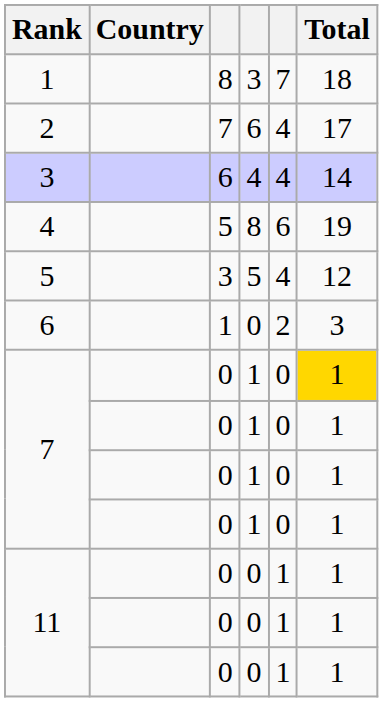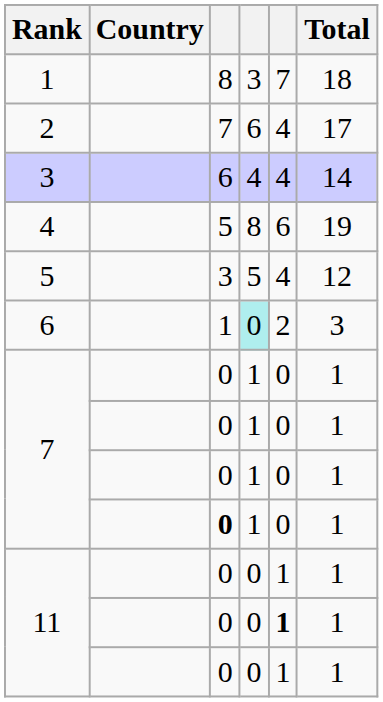 <table class="wikitable" style="text-align: center; font-size: 95%">
 <tr>
 <th>Rank</th>
 <th>Country</th>
 <th></th>
 <th></th>
 <th></th>
 <th>Total</th>
 </tr>
 <tr>
 <td>1</td>
 <td style="text-align: left"></td>
 <td>8</td>
 <td>3</td>
 <td>7</td>
 <td>18</td>
 </tr>
 <tr>
 <td>2</td>
 <td style="text-align: left"></td>
 <td>7</td>
 <td>6</td>
 <td>4</td>
 <td>17</td>
 </tr>
 <tr style="background: #ccccff">
 <td>3</td>
 <td style="text-align: left"></td>
 <td>6</td>
 <td>4</td>
 <td>4</td>
 <td>14</td>
 </tr>
 <tr>
 <td>4</td>
 <td style="text-align: left"></td>
 <td>5</td>
 <td>8</td>
 <td>6</td>
 <td>19</td>
 </tr>
 <tr>
 <td>5</td>
 <td style="text-align: left"></td>
 <td>3</td>
 <td>5</td>
 <td>4</td>
 <td>12</td>
 </tr>
 <tr>
 <td>6</td>
 <td style="text-align: left"></td>
 <td>1</td>
-<td>0</td>
+<td style="background: paleturquoise;">0</td>
 <td>2</td>
 <td>3</td>
 </tr>
 <tr>
 <td rowspan=4>7</td>
-<td style="text-align: left"></td>
-<td>0</td>
-<td>1</td>
-<td>0</td>
-<td style="background: gold;">1</td>
-</tr>
-<tr>
 <td style="text-align: left"></td>
 <td>0</td>
 <td>1</td>
 <td>0</td>
 <td>1</td>
 </tr>
 <tr>
 <td style="text-align: left"></td>
 <td>0</td>
 <td>1</td>
 <td>0</td>
 <td>1</td>
 </tr>
 <tr>
 <td style="text-align: left"></td>
 <td>0</td>
 <td>1</td>
 <td>0</td>
 <td>1</td>
 </tr>
 <tr>
+<td style="text-align: left"></td>
+<td><strong>0</strong></td>
+<td>1</td>
+<td>0</td>
+<td>1</td>
+</tr>
+<tr>
 <td rowspan=3>11</td>
 <td style="text-align: left"></td>
 <td>0</td>
 <td>0</td>
 <td>1</td>
 <td>1</td>
 </tr>
 <tr>
 <td style="text-align: left"></td>
 <td>0</td>
 <td>0</td>
-<td>1</td>
+<td><strong>1</strong></td>
 <td>1</td>
 </tr>
 <tr>
 <td style="text-align: left"></td>
 <td>0</td>
 <td>0</td>
 <td>1</td>
 <td>1</td>
 </tr>
 </table>
